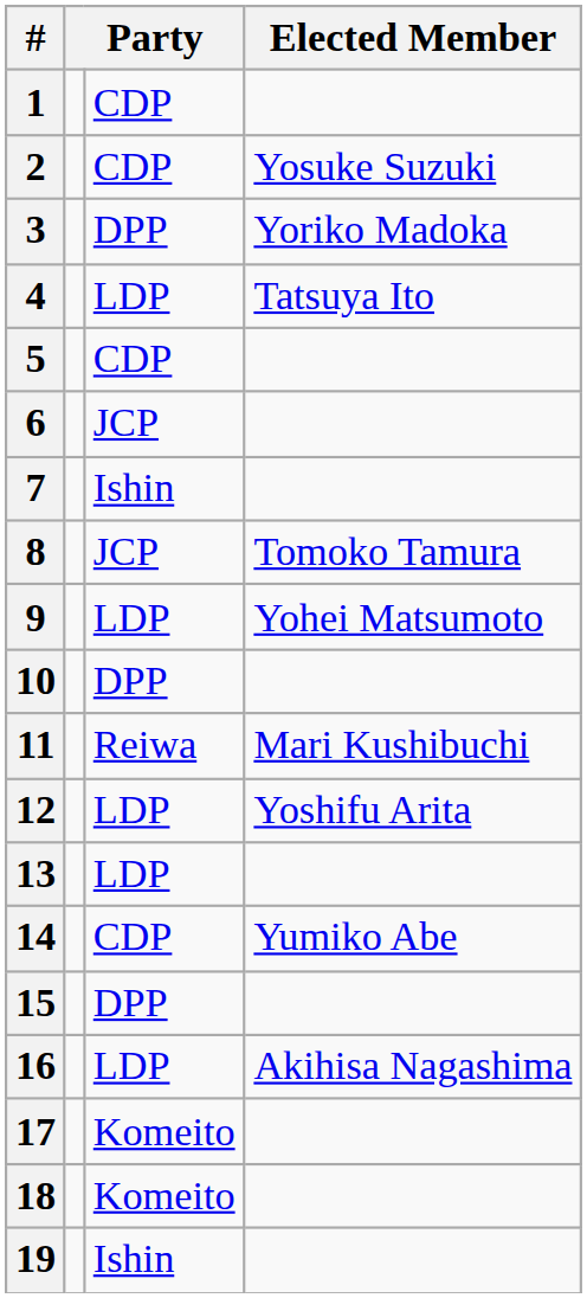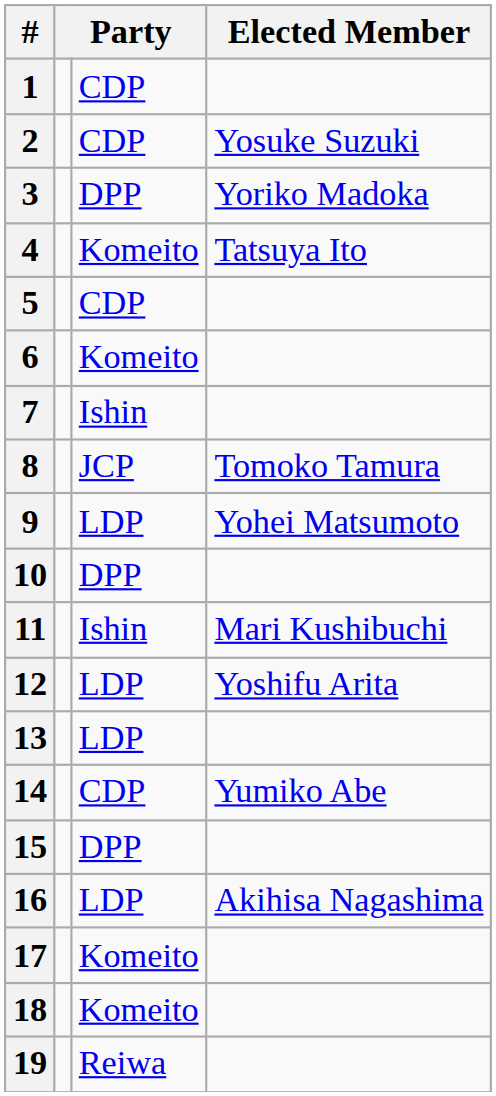 <table class="wikitable">
 <tr>
 <th>#</th>
 <th colspan=2>Party</th>
 <th>Elected Member</th>
 </tr>
 <tr>
 <th>1</th>
 <td style="background:"></td>
 <td><a href='#'>CDP</a></td>
 <td></td>
 </tr>
 <tr>
 <th>2</th>
 <td style="background:"></td>
 <td><a href='#'>CDP</a></td>
 <td><a href='#'>Yosuke Suzuki</a></td>
 </tr>
 <tr>
 <th>3</th>
 <td style="background:"></td>
 <td><a href='#'>DPP</a></td>
 <td><a href='#'>Yoriko Madoka</a></td>
 </tr>
 <tr>
 <th>4</th>
 <td style="background:"></td>
-<td><a href='#'>LDP</a></td>
+<td><a href='#'>Komeito</a></td>
 <td><a href='#'>Tatsuya Ito</a></td>
 </tr>
 <tr>
 <th>5</th>
 <td style="background:"></td>
 <td><a href='#'>CDP</a></td>
 <td></td>
 </tr>
 <tr>
 <th>6</th>
 <td style="background:"></td>
-<td><a href='#'>JCP</a></td>
+<td><a href='#'>Komeito</a></td>
 <td></td>
 </tr>
 <tr>
 <th>7</th>
 <td style="background:"></td>
 <td><a href='#'>Ishin</a></td>
 <td></td>
 </tr>
 <tr>
 <th>8</th>
 <td style="background:"></td>
 <td><a href='#'>JCP</a></td>
 <td><a href='#'>Tomoko Tamura</a></td>
 </tr>
 <tr>
 <th>9</th>
 <td style="background:"></td>
 <td><a href='#'>LDP</a></td>
 <td><a href='#'>Yohei Matsumoto</a></td>
 </tr>
 <tr>
 <th>10</th>
 <td style="background:"></td>
 <td><a href='#'>DPP</a></td>
 <td></td>
 </tr>
 <tr>
 <th>11</th>
 <td style="background:"></td>
-<td><a href='#'>Reiwa</a></td>
+<td><a href='#'>Ishin</a></td>
 <td><a href='#'>Mari Kushibuchi</a></td>
 </tr>
 <tr>
 <th>12</th>
 <td style="background:"></td>
 <td><a href='#'>LDP</a></td>
 <td><a href='#'>Yoshifu Arita</a></td>
 </tr>
 <tr>
 <th>13</th>
 <td style="background:"></td>
 <td><a href='#'>LDP</a></td>
 <td></td>
 </tr>
 <tr>
 <th>14</th>
 <td style="background:"></td>
 <td><a href='#'>CDP</a></td>
 <td><a href='#'>Yumiko Abe</a></td>
 </tr>
 <tr>
 <th>15</th>
 <td style="background:"></td>
 <td><a href='#'>DPP</a></td>
 <td></td>
 </tr>
 <tr>
 <th>16</th>
 <td style="background:"></td>
 <td><a href='#'>LDP</a></td>
 <td><a href='#'>Akihisa Nagashima</a></td>
 </tr>
 <tr>
 <th>17</th>
 <td style="background:"></td>
 <td><a href='#'>Komeito</a></td>
 <td></td>
 </tr>
 <tr>
 <th>18</th>
 <td style="background:"></td>
 <td><a href='#'>Komeito</a></td>
 <td></td>
 </tr>
 <tr>
 <th>19</th>
 <td style="background:"></td>
-<td><a href='#'>Ishin</a></td>
+<td><a href='#'>Reiwa</a></td>
 <td></td>
 </tr>
 </table>
